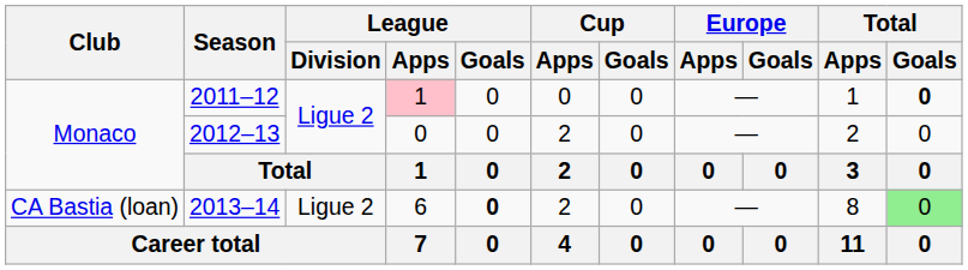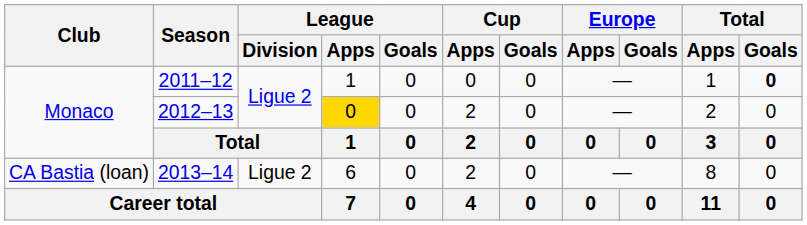 <table class="wikitable" style="text-align: center">
 <tr>
 <th rowspan="2">Club</th>
 <th rowspan="2">Season</th>
 <th colspan="3">League</th>
 <th colspan="2">Cup</th>
 <th colspan="2"><a href='#'>Europe</a></th>
 <th colspan="2">Total</th>
 </tr>
 <tr>
 <th>Division</th>
 <th>Apps</th>
 <th>Goals</th>
 <th>Apps</th>
 <th>Goals</th>
 <th>Apps</th>
 <th>Goals</th>
 <th>Apps</th>
 <th>Goals</th>
 </tr>
 <tr>
 <td rowspan="3"><a href='#'>Monaco</a></td>
 <td><a href='#'>2011–12</a></td>
 <td rowspan="2"><a href='#'>Ligue 2</a></td>
-<td style="background: pink;">1</td>
+<td>1</td>
 <td>0</td>
 <td>0</td>
 <td>0</td>
 <td colspan="2">—</td>
 <td>1</td>
 <td><strong>0</strong></td>
 </tr>
 <tr>
 <td><a href='#'>2012–13</a></td>
-<td>0</td>
+<td style="background: gold;">0</td>
 <td>0</td>
 <td>2</td>
 <td>0</td>
 <td colspan="2">—</td>
 <td>2</td>
 <td>0</td>
 </tr>
 <tr>
 <th colspan="2">Total</th>
 <th>1</th>
 <th>0</th>
 <th>2</th>
 <th>0</th>
 <th>0</th>
 <th>0</th>
 <th>3</th>
 <th>0</th>
 </tr>
 <tr>
 <td rowspan="1"><a href='#'>CA Bastia</a> (loan)</td>
 <td><a href='#'>2013–14</a></td>
 <td>Ligue 2</td>
 <td>6</td>
-<td><strong>0</strong></td>
+<td>0</td>
 <td>2</td>
 <td>0</td>
 <td colspan="2">—</td>
 <td>8</td>
-<td style="background: lightgreen;">0</td>
+<td>0</td>
 </tr>
 <tr>
 <th colspan="3">Career total</th>
 <th>7</th>
 <th>0</th>
 <th>4</th>
 <th>0</th>
 <th>0</th>
 <th>0</th>
 <th>11</th>
 <th>0</th>
 </tr>
 </table>
